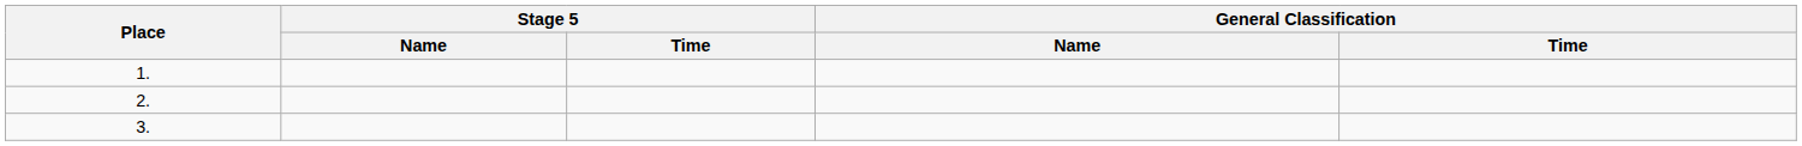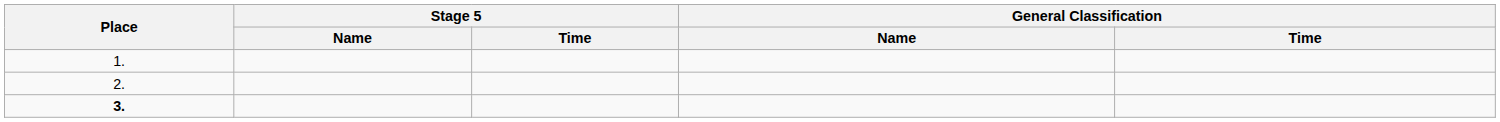 <table class="wikitable"  style="font-size:95%; width:80%;">
 <tr>
 <th rowspan="2">Place</th>
 <th colspan="2">Stage 5</th>
 <th colspan="2">General Classification</th>
 </tr>
 <tr>
 <th>Name</th>
 <th>Time</th>
 <th>Name</th>
 <th>Time</th>
 </tr>
 <tr>
 <td style="text-align:center;">1.</td>
 <td></td>
 <td></td>
 <td></td>
 <td></td>
 </tr>
 <tr>
 <td style="text-align:center;">2.</td>
 <td></td>
 <td></td>
 <td></td>
 <td></td>
 </tr>
 <tr>
-<td style="text-align:center;">3.</td>
+<td style="text-align:center;"><strong>3.</strong></td>
 <td></td>
 <td></td>
 <td></td>
 <td></td>
 </tr>
 </table>
